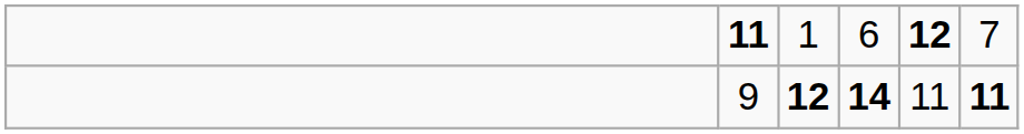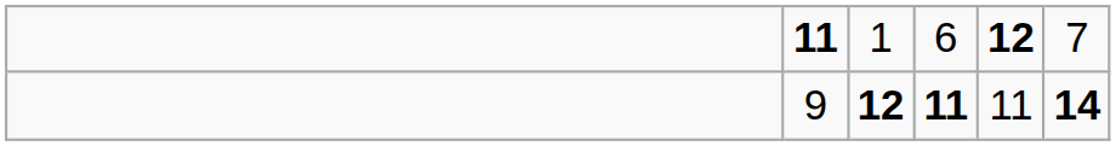 <table class="wikitable">
 <tr>
 <td style="width:18em"></td>
 <td align=center style="width:1em"><strong>11</strong></td>
 <td align=center style="width:1em">1</td>
 <td align=center style="width:1em">6</td>
 <td align=center style="width:1em"><strong>12</strong></td>
 <td align=center style="width:1em">7</td>
 </tr>
 <tr>
 <td style="width:18em"></td>
 <td align=center style="width:1em">9</td>
 <td align=center style="width:1em"><strong>12</strong></td>
+<td align=center style="width:1em"><strong>11</strong></td>
+<td align=center style="width:1em">11</td>
 <td align=center style="width:1em"><strong>14</strong></td>
-<td align=center style="width:1em">11</td>
-<td align=center style="width:1em"><strong>11</strong></td>
 </tr>
 </table>
